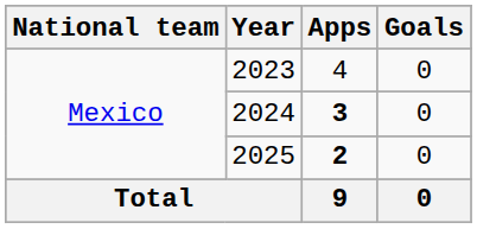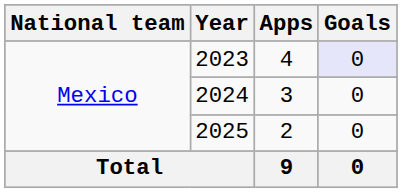 <table class="wikitable" style="text-align: center;">
 <tr>
 <th>National team</th>
 <th>Year</th>
 <th>Apps</th>
 <th>Goals</th>
 </tr>
 <tr>
 <td rowspan="3" valign="center"><a href='#'>Mexico</a></td>
 <td>2023</td>
 <td>4</td>
-<td>0</td>
+<td style="background: lavender;">0</td>
 </tr>
 <tr>
 <td>2024</td>
-<td><strong>3</strong></td>
+<td>3</td>
 <td>0</td>
 </tr>
 <tr>
 <td>2025</td>
-<td><strong>2</strong></td>
+<td>2</td>
 <td>0</td>
 </tr>
 <tr>
 <th colspan="2">Total</th>
 <th>9</th>
 <th>0</th>
 </tr>
 </table>
